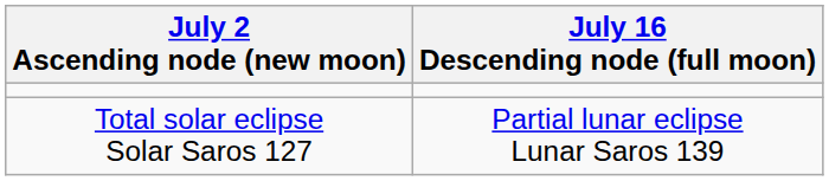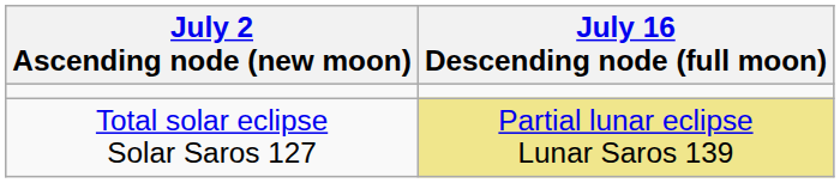 <table class="wikitable">
 <tr>
 <th><a href='#'>July 2</a><br>Ascending node (new moon)<br></th>
 <th><a href='#'>July 16</a><br>Descending node (full moon)<br></th>
 </tr>
 <tr>
 <td></td>
 <td></td>
 </tr>
 <tr align=center>
 <td><a href='#'>Total solar eclipse</a><br>Solar Saros 127</td>
-<td><a href='#'>Partial lunar eclipse</a><br>Lunar Saros 139</td>
+<td style="background: khaki;"><a href='#'>Partial lunar eclipse</a><br>Lunar Saros 139</td>
 </tr>
 </table>
